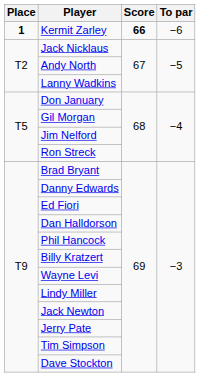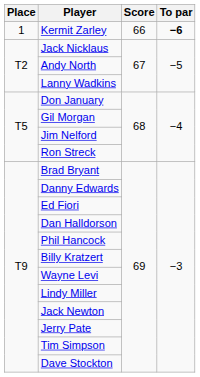 <table class="wikitable">
 <tr>
 <th>Place</th>
 <th>Player</th>
 <th>Score</th>
 <th>To par</th>
 </tr>
 <tr>
-<td align=center><strong>1</strong></td>
+<td align=center>1</td>
 <td> <a href='#'>Kermit Zarley</a></td>
-<td align=center><strong>66</strong></td>
-<td align=center>−6</td>
+<td align=center>66</td>
+<td align=center><strong>−6</strong></td>
 </tr>
 <tr>
 <td rowspan=3 align=center>T2</td>
 <td> <a href='#'>Jack Nicklaus</a></td>
 <td rowspan=3 align=center>67</td>
 <td rowspan=3 align=center>−5</td>
 </tr>
 <tr>
 <td> <a href='#'>Andy North</a></td>
 </tr>
 <tr>
 <td> <a href='#'>Lanny Wadkins</a></td>
 </tr>
 <tr>
 <td rowspan=4 align=center>T5</td>
 <td> <a href='#'>Don January</a></td>
 <td rowspan=4 align=center>68</td>
 <td rowspan=4 align=center>−4</td>
 </tr>
 <tr>
 <td> <a href='#'>Gil Morgan</a></td>
 </tr>
 <tr>
 <td> <a href='#'>Jim Nelford</a></td>
 </tr>
 <tr>
 <td> <a href='#'>Ron Streck</a></td>
 </tr>
 <tr>
 <td rowspan=12 align=center>T9</td>
 <td> <a href='#'>Brad Bryant</a></td>
 <td rowspan=12 align=center>69</td>
 <td rowspan=12 align=center>−3</td>
 </tr>
 <tr>
 <td> <a href='#'>Danny Edwards</a></td>
 </tr>
 <tr>
 <td> <a href='#'>Ed Fiori</a></td>
 </tr>
 <tr>
 <td> <a href='#'>Dan Halldorson</a></td>
 </tr>
 <tr>
 <td> <a href='#'>Phil Hancock</a></td>
 </tr>
 <tr>
 <td> <a href='#'>Billy Kratzert</a></td>
 </tr>
 <tr>
 <td> <a href='#'>Wayne Levi</a></td>
 </tr>
 <tr>
 <td> <a href='#'>Lindy Miller</a></td>
 </tr>
 <tr>
 <td> <a href='#'>Jack Newton</a></td>
 </tr>
 <tr>
 <td> <a href='#'>Jerry Pate</a></td>
 </tr>
 <tr>
 <td> <a href='#'>Tim Simpson</a></td>
 </tr>
 <tr>
 <td> <a href='#'>Dave Stockton</a></td>
 </tr>
 </table>
